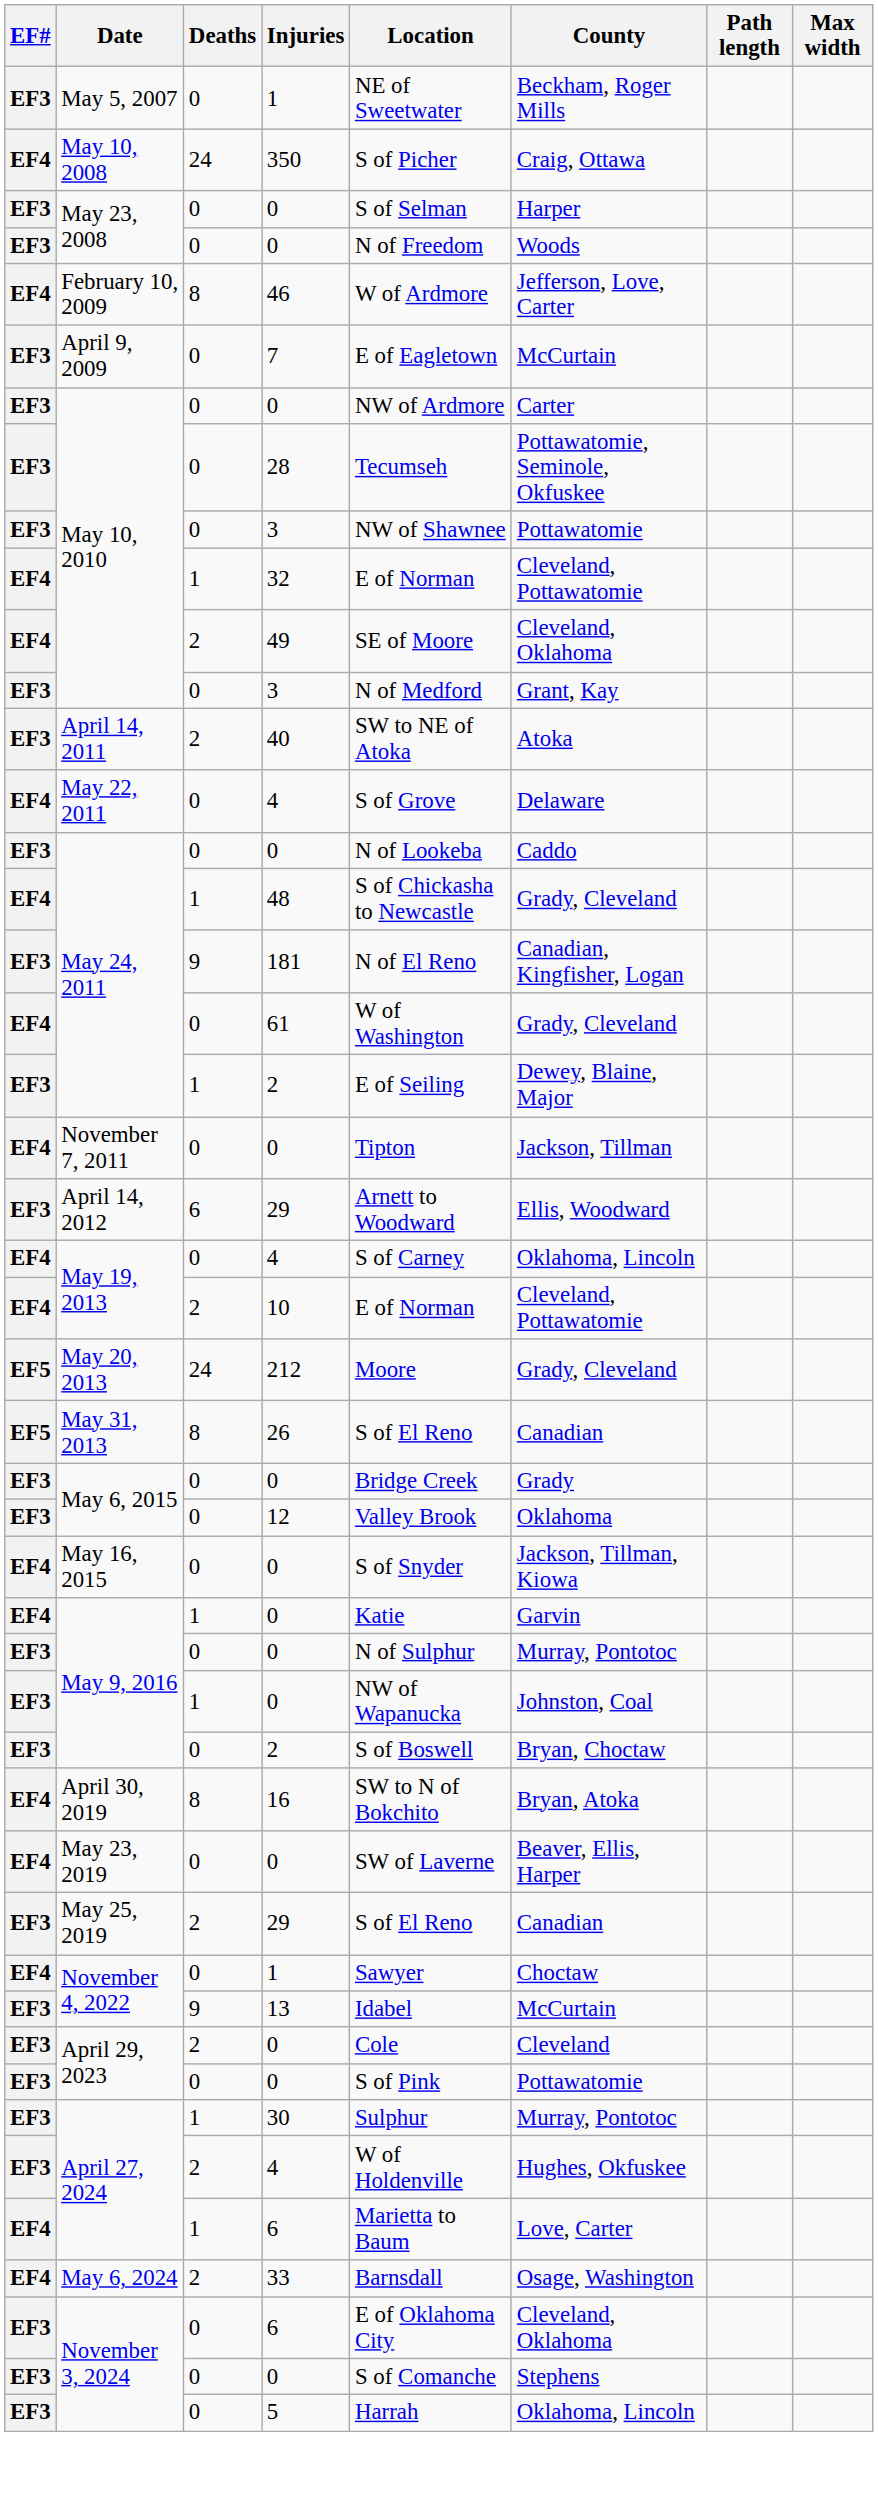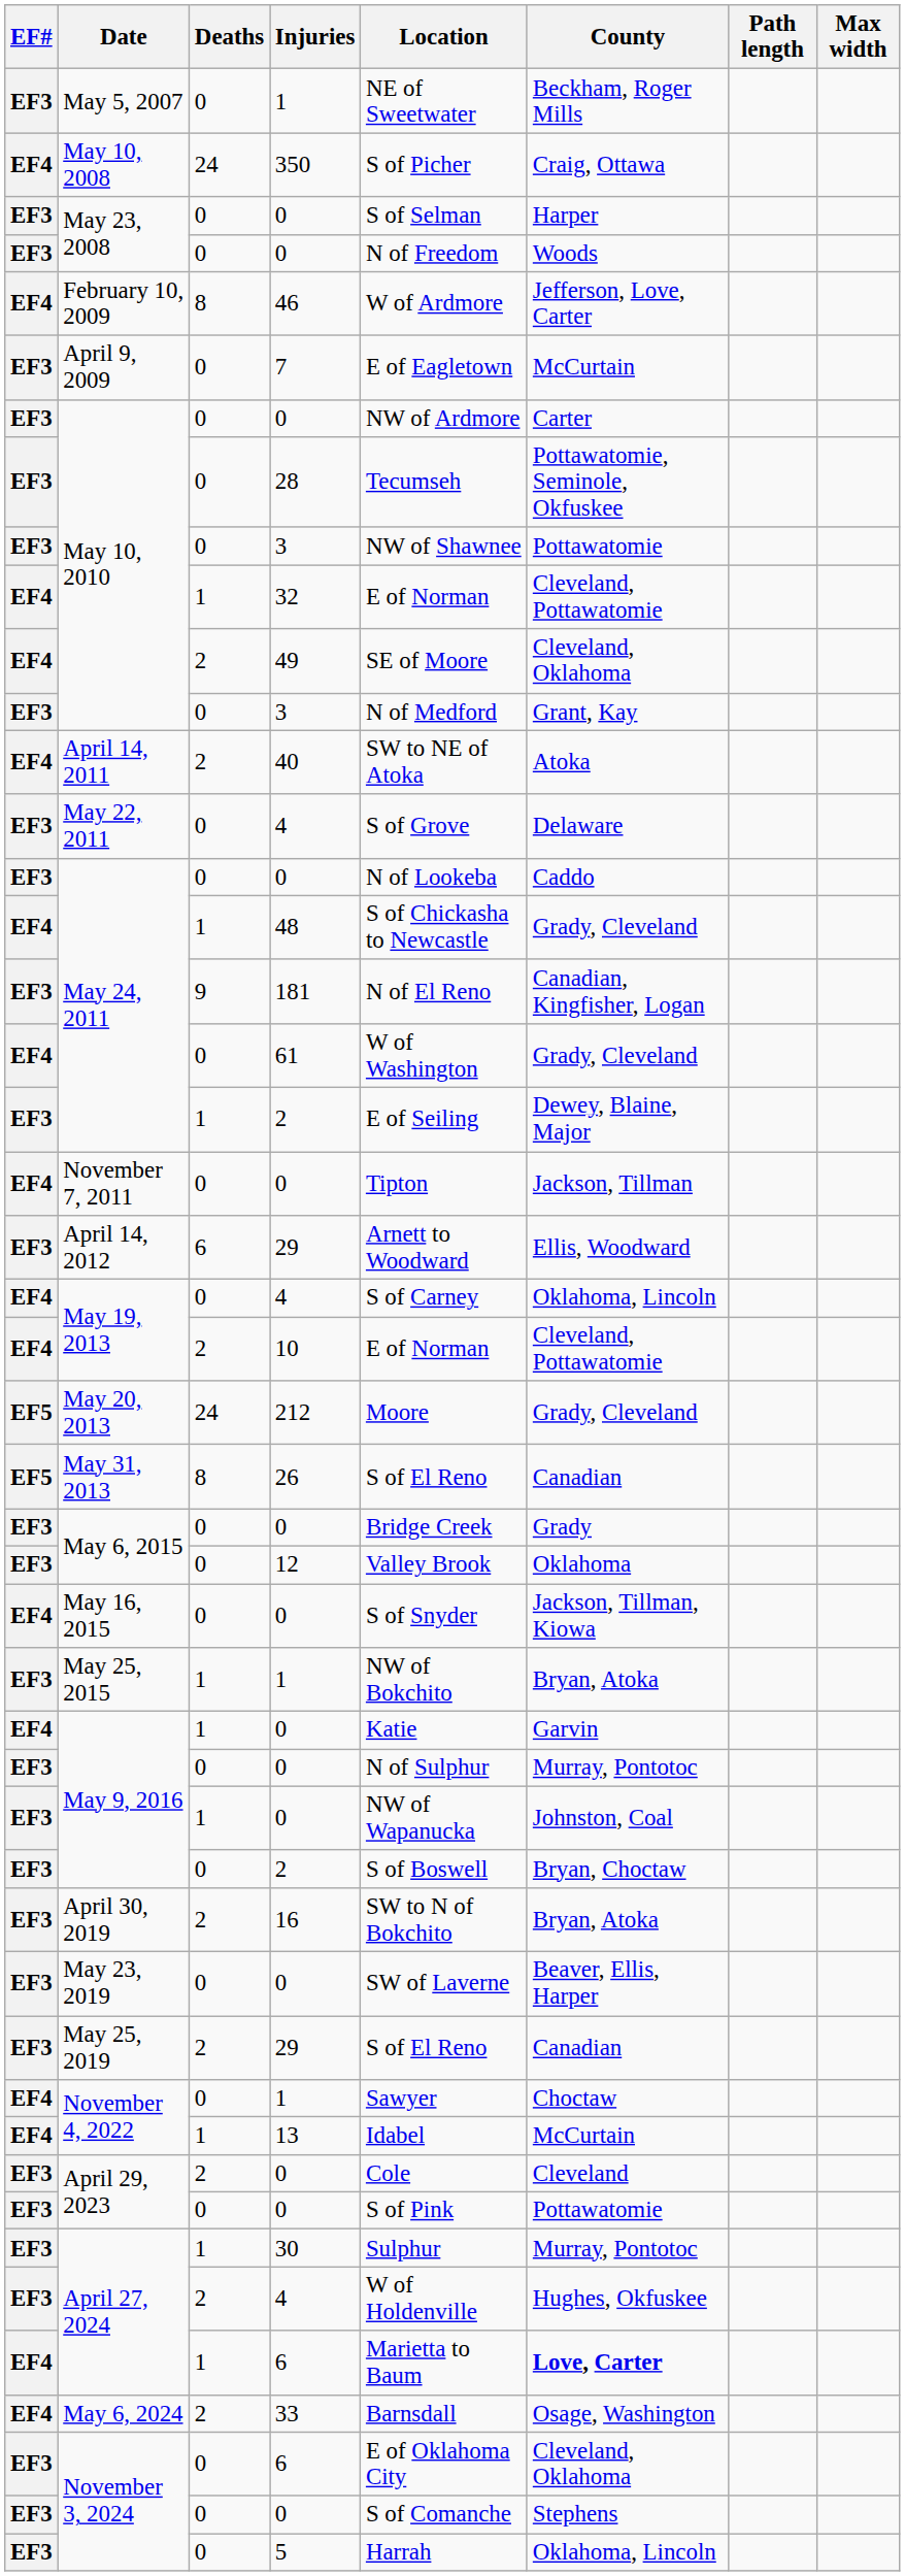 <table class="wikitable sortable">
 <tr>
 <th align="center" width="2%" scope="col"><a href='#'>EF#</a></th>
 <th>Date</th>
 <th>Deaths</th>
 <th>Injuries</th>
 <th class="unsortable" align="center" scope="col">Location</th>
 <th class="unsortable" align="center" scope="col">County</th>
 <th align="center" scope="col">Path length</th>
 <th align="center" scope="col">Max width</th>
 </tr>
 <tr>
 <th scope="row" rowspan="1" style="background-color:#">EF3</th>
 <td>May 5, 2007</td>
 <td>0</td>
 <td>1</td>
 <td>NE of <a href='#'>Sweetwater</a></td>
 <td><a href='#'>Beckham</a>, <a href='#'>Roger Mills</a></td>
 <td></td>
 <td></td>
 </tr>
 <tr>
 <th scope="row" rowspan="1" style="background-color:#">EF4</th>
 <td><a href='#'>May 10, 2008</a></td>
 <td>24</td>
 <td>350</td>
 <td>S of <a href='#'>Picher</a></td>
 <td><a href='#'>Craig</a>, <a href='#'>Ottawa</a></td>
 <td></td>
 <td></td>
 </tr>
 <tr>
 <th scope="row" rowspan="1" style="background-color:#">EF3</th>
 <td rowspan="2">May 23, 2008</td>
 <td>0</td>
 <td>0</td>
 <td>S of <a href='#'>Selman</a></td>
 <td><a href='#'>Harper</a></td>
 <td></td>
 <td></td>
 </tr>
 <tr>
 <th scope="row" rowspan="1" style="background-color:#">EF3</th>
 <td>0</td>
 <td>0</td>
 <td>N of <a href='#'>Freedom</a></td>
 <td><a href='#'>Woods</a></td>
 <td></td>
 <td></td>
 </tr>
 <tr>
 <th scope="row" rowspan="1" style="background-color:#">EF4</th>
 <td>February 10, 2009</td>
 <td>8</td>
 <td>46</td>
 <td>W of <a href='#'>Ardmore</a></td>
 <td><a href='#'>Jefferson</a>, <a href='#'>Love</a>, <a href='#'>Carter</a></td>
 <td></td>
 <td></td>
 </tr>
 <tr>
 <th scope="row" rowspan="1" style="background-color:#">EF3</th>
 <td>April 9, 2009</td>
 <td>0</td>
 <td>7</td>
 <td>E of <a href='#'>Eagletown</a></td>
 <td><a href='#'>McCurtain</a></td>
 <td></td>
 <td></td>
 </tr>
 <tr>
 <th scope="row" rowspan="1" style="background-color:#">EF3</th>
 <td rowspan="6">May 10, 2010</td>
 <td>0</td>
 <td>0</td>
 <td>NW of <a href='#'>Ardmore</a></td>
 <td><a href='#'>Carter</a></td>
 <td></td>
 <td></td>
 </tr>
 <tr>
 <th scope="row" rowspan="1" style="background-color:#">EF3</th>
 <td>0</td>
 <td>28</td>
 <td><a href='#'>Tecumseh</a></td>
 <td><a href='#'>Pottawatomie</a>, <a href='#'>Seminole</a>, <a href='#'>Okfuskee</a></td>
 <td></td>
 <td></td>
 </tr>
 <tr>
 <th scope="row" rowspan="1" style="background-color:#">EF3</th>
 <td>0</td>
 <td>3</td>
 <td>NW of <a href='#'>Shawnee</a></td>
 <td><a href='#'>Pottawatomie</a></td>
 <td></td>
 <td></td>
 </tr>
 <tr>
 <th scope="row" rowspan="1" style="background-color:#">EF4</th>
 <td>1</td>
 <td>32</td>
 <td>E of <a href='#'>Norman</a></td>
 <td><a href='#'>Cleveland</a>, <a href='#'>Pottawatomie</a></td>
 <td></td>
 <td></td>
 </tr>
 <tr>
 <th scope="row" rowspan="1" style="background-color:#">EF4</th>
 <td>2</td>
 <td>49</td>
 <td>SE of <a href='#'>Moore</a></td>
 <td><a href='#'>Cleveland</a>, <a href='#'>Oklahoma</a></td>
 <td></td>
 <td></td>
 </tr>
 <tr>
 <th scope="row" rowspan="1" style="background-color:#">EF3</th>
 <td>0</td>
 <td>3</td>
 <td>N of <a href='#'>Medford</a></td>
 <td><a href='#'>Grant</a>, <a href='#'>Kay</a></td>
 <td></td>
 <td></td>
 </tr>
 <tr>
-<th scope="row" rowspan="1" style="background-color:#">EF3</th>
+<th scope="row" rowspan="1" style="background-color:#">EF4</th>
 <td><a href='#'>April 14, 2011</a></td>
 <td>2</td>
 <td>40</td>
 <td>SW to NE of <a href='#'>Atoka</a></td>
 <td><a href='#'>Atoka</a></td>
 <td></td>
 <td></td>
 </tr>
 <tr>
-<th scope="row" rowspan="1" style="background-color:#">EF4</th>
+<th scope="row" rowspan="1" style="background-color:#">EF3</th>
 <td><a href='#'>May 22, 2011</a></td>
 <td>0</td>
 <td>4</td>
 <td>S of <a href='#'>Grove</a></td>
 <td><a href='#'>Delaware</a></td>
 <td></td>
 <td></td>
 </tr>
 <tr>
 <th scope="row" rowspan="1" style="background-color:#">EF3</th>
 <td rowspan="5"><a href='#'>May 24, 2011</a></td>
 <td>0</td>
 <td>0</td>
 <td>N of <a href='#'>Lookeba</a></td>
 <td><a href='#'>Caddo</a></td>
 <td></td>
 <td></td>
 </tr>
 <tr>
 <th scope="row" rowspan="1" style="background-color:#">EF4</th>
 <td>1</td>
 <td>48</td>
 <td>S of <a href='#'>Chickasha</a> to <a href='#'>Newcastle</a></td>
 <td><a href='#'>Grady</a>, <a href='#'>Cleveland</a></td>
 <td></td>
 <td></td>
 </tr>
 <tr>
 <th scope="row" rowspan="1" style="background-color:#">EF3</th>
 <td>9</td>
 <td>181</td>
 <td>N of <a href='#'>El Reno</a></td>
 <td><a href='#'>Canadian</a>, <a href='#'>Kingfisher</a>, <a href='#'>Logan</a></td>
 <td></td>
 <td></td>
 </tr>
 <tr>
 <th scope="row" rowspan="1" style="background-color:#">EF4</th>
 <td>0</td>
 <td>61</td>
 <td>W of <a href='#'>Washington</a></td>
 <td><a href='#'>Grady</a>, <a href='#'>Cleveland</a></td>
 <td></td>
 <td></td>
 </tr>
 <tr>
 <th scope="row" rowspan="1" style="background-color:#">EF3</th>
 <td>1</td>
 <td>2</td>
 <td>E of <a href='#'>Seiling</a></td>
 <td><a href='#'>Dewey</a>, <a href='#'>Blaine</a>, <a href='#'>Major</a></td>
 <td></td>
 <td></td>
 </tr>
 <tr>
 <th scope="row" rowspan="1" style="background-color:#">EF4</th>
 <td>November 7, 2011</td>
 <td>0</td>
 <td>0</td>
 <td><a href='#'>Tipton</a></td>
 <td><a href='#'>Jackson</a>, <a href='#'>Tillman</a></td>
 <td></td>
 <td></td>
 </tr>
 <tr>
 <th scope="row" rowspan="1" style="background-color:#">EF3</th>
 <td>April 14, 2012</td>
 <td>6</td>
 <td>29</td>
 <td><a href='#'>Arnett</a> to <a href='#'>Woodward</a></td>
 <td><a href='#'>Ellis</a>, <a href='#'>Woodward</a></td>
 <td></td>
 <td></td>
 </tr>
 <tr>
 <th scope="row" rowspan="1" style="background-color:#">EF4</th>
 <td rowspan="2"><a href='#'>May 19, 2013</a></td>
 <td>0</td>
 <td>4</td>
 <td>S of <a href='#'>Carney</a></td>
 <td><a href='#'>Oklahoma</a>, <a href='#'>Lincoln</a></td>
 <td></td>
 <td></td>
 </tr>
 <tr>
 <th scope="row" rowspan="1" style="background-color:#">EF4</th>
 <td>2</td>
 <td>10</td>
 <td>E of <a href='#'>Norman</a></td>
 <td><a href='#'>Cleveland</a>, <a href='#'>Pottawatomie</a></td>
 <td></td>
 <td></td>
 </tr>
 <tr>
 <th scope="row" rowspan="1" style="background-color:#">EF5</th>
 <td><a href='#'>May 20, 2013</a></td>
 <td>24</td>
 <td>212</td>
 <td><a href='#'>Moore</a></td>
 <td><a href='#'>Grady</a>, <a href='#'>Cleveland</a></td>
 <td></td>
 <td></td>
 </tr>
 <tr>
 <th scope="row" rowspan="1" style="background-color:#">EF5</th>
 <td><a href='#'>May 31, 2013</a></td>
 <td>8</td>
 <td>26</td>
 <td>S of <a href='#'>El Reno</a></td>
 <td><a href='#'>Canadian</a></td>
 <td></td>
 <td></td>
 </tr>
 <tr>
 <th scope="row" rowspan="1" style="background-color:#">EF3</th>
 <td rowspan="2">May 6, 2015</td>
 <td>0</td>
 <td>0</td>
 <td><a href='#'>Bridge Creek</a></td>
 <td><a href='#'>Grady</a></td>
 <td></td>
 <td></td>
 </tr>
 <tr>
 <th scope="row" rowspan="1" style="background-color:#">EF3</th>
 <td>0</td>
 <td>12</td>
 <td><a href='#'>Valley Brook</a></td>
 <td><a href='#'>Oklahoma</a></td>
 <td></td>
 <td></td>
 </tr>
 <tr>
 <th scope="row" rowspan="1" style="background-color:#">EF4</th>
 <td>May 16, 2015</td>
 <td>0</td>
 <td>0</td>
 <td>S of <a href='#'>Snyder</a></td>
 <td><a href='#'>Jackson</a>, <a href='#'>Tillman</a>, <a href='#'>Kiowa</a></td>
 <td></td>
 <td></td>
 </tr>
 <tr>
+<th scope="row" rowspan="1" style="background-color:#">EF3</th>
+<td>May 25, 2015</td>
+<td>1</td>
+<td>1</td>
+<td>NW of <a href='#'>Bokchito</a></td>
+<td><a href='#'>Bryan</a>, <a href='#'>Atoka</a></td>
+<td></td>
+<td></td>
+</tr>
+<tr>
 <th scope="row" rowspan="1" style="background-color:#">EF4</th>
 <td rowspan="4"><a href='#'>May 9, 2016</a></td>
 <td>1</td>
 <td>0</td>
 <td><a href='#'>Katie</a></td>
 <td><a href='#'>Garvin</a></td>
 <td></td>
 <td></td>
 </tr>
 <tr>
 <th scope="row" rowspan="1" style="background-color:#">EF3</th>
 <td>0</td>
 <td>0</td>
 <td>N of <a href='#'>Sulphur</a></td>
 <td><a href='#'>Murray</a>, <a href='#'>Pontotoc</a></td>
 <td></td>
 <td></td>
 </tr>
 <tr>
 <th scope="row" rowspan="1" style="background-color:#">EF3</th>
 <td>1</td>
 <td>0</td>
 <td>NW of <a href='#'>Wapanucka</a></td>
 <td><a href='#'>Johnston</a>, <a href='#'>Coal</a></td>
 <td></td>
 <td></td>
 </tr>
 <tr>
 <th scope="row" rowspan="1" style="background-color:#">EF3</th>
 <td>0</td>
 <td>2</td>
 <td>S of <a href='#'>Boswell</a></td>
 <td><a href='#'>Bryan</a>, <a href='#'>Choctaw</a></td>
 <td></td>
 <td></td>
 </tr>
 <tr>
-<th scope="row" rowspan="1" style="background-color:#">EF4</th>
+<th scope="row" rowspan="1" style="background-color:#">EF3</th>
 <td>April 30, 2019</td>
-<td>8</td>
+<td>2</td>
 <td>16</td>
 <td>SW to N of <a href='#'>Bokchito</a></td>
 <td><a href='#'>Bryan</a>, <a href='#'>Atoka</a></td>
 <td></td>
 <td></td>
 </tr>
 <tr>
-<th scope="row" rowspan="1" style="background-color:#">EF4</th>
+<th scope="row" rowspan="1" style="background-color:#">EF3</th>
 <td>May 23, 2019</td>
 <td>0</td>
 <td>0</td>
 <td>SW of <a href='#'>Laverne</a></td>
 <td><a href='#'>Beaver</a>, <a href='#'>Ellis</a>, <a href='#'>Harper</a></td>
 <td></td>
 <td></td>
 </tr>
 <tr>
 <th scope="row" rowspan="1" style="background-color:#">EF3</th>
 <td>May 25, 2019</td>
 <td>2</td>
 <td>29</td>
 <td>S of <a href='#'>El Reno</a></td>
 <td><a href='#'>Canadian</a></td>
 <td></td>
 <td></td>
 </tr>
 <tr>
 <th scope="row" rowspan="1" style="background-color:#">EF4</th>
 <td rowspan="2"><a href='#'>November 4, 2022</a></td>
 <td>0</td>
 <td>1</td>
 <td><a href='#'>Sawyer</a></td>
 <td><a href='#'>Choctaw</a></td>
 <td></td>
 <td></td>
 </tr>
 <tr>
-<th scope="row" rowspan="1" style="background-color:#">EF3</th>
-<td>9</td>
+<th scope="row" rowspan="1" style="background-color:#">EF4</th>
+<td>1</td>
 <td>13</td>
 <td><a href='#'>Idabel</a></td>
 <td><a href='#'>McCurtain</a></td>
 <td></td>
 <td></td>
 </tr>
 <tr>
 <th scope="row" rowspan="1" style="background-color:#">EF3</th>
 <td rowspan="2">April 29, 2023</td>
 <td>2</td>
 <td>0</td>
 <td><a href='#'>Cole</a></td>
 <td><a href='#'>Cleveland</a></td>
 <td></td>
 <td></td>
 </tr>
 <tr>
 <th scope="row" rowspan="1" style="background-color:#">EF3</th>
 <td>0</td>
 <td>0</td>
 <td>S of <a href='#'>Pink</a></td>
 <td><a href='#'>Pottawatomie</a></td>
 <td></td>
 <td></td>
 </tr>
 <tr>
 <th scope="row" rowspan="1" style="background-color:#">EF3</th>
 <td rowspan="3"><a href='#'>April 27, 2024</a></td>
 <td>1</td>
 <td>30</td>
 <td><a href='#'>Sulphur</a></td>
 <td><a href='#'>Murray</a>, <a href='#'>Pontotoc</a></td>
 <td></td>
 <td></td>
 </tr>
 <tr>
 <th scope="row" rowspan="1" style="background-color:#">EF3</th>
 <td>2</td>
 <td>4</td>
 <td>W of <a href='#'>Holdenville</a></td>
 <td><a href='#'>Hughes</a>, <a href='#'>Okfuskee</a></td>
 <td></td>
 <td></td>
 </tr>
 <tr>
 <th scope="row" rowspan="1" style="background-color:#">EF4</th>
 <td>1</td>
 <td>6</td>
 <td><a href='#'>Marietta</a> to <a href='#'>Baum</a></td>
-<td><a href='#'>Love</a>, <a href='#'>Carter</a></td>
+<td><strong><a href='#'>Love</a>, <a href='#'>Carter</a></strong></td>
 <td></td>
 <td></td>
 </tr>
 <tr>
 <th scope="row" rowspan="1" style="background-color:#">EF4</th>
 <td><a href='#'>May 6, 2024</a></td>
 <td>2</td>
 <td>33</td>
 <td><a href='#'>Barnsdall</a></td>
 <td><a href='#'>Osage</a>, <a href='#'>Washington</a></td>
 <td></td>
 <td></td>
 </tr>
 <tr>
 <th scope="row" rowspan="1" style="background-color:#">EF3</th>
 <td rowspan="3"><a href='#'>November 3, 2024</a></td>
 <td>0</td>
 <td>6</td>
 <td>E of <a href='#'>Oklahoma City</a></td>
 <td><a href='#'>Cleveland</a>, <a href='#'>Oklahoma</a></td>
 <td></td>
 <td></td>
 </tr>
 <tr>
 <th scope="row" rowspan="1" style="background-color:#">EF3</th>
 <td>0</td>
 <td>0</td>
 <td>S of <a href='#'>Comanche</a></td>
 <td><a href='#'>Stephens</a></td>
 <td></td>
 <td></td>
 </tr>
 <tr>
 <th scope="row" rowspan="1" style="background-color:#">EF3</th>
 <td>0</td>
 <td>5</td>
 <td><a href='#'>Harrah</a></td>
 <td><a href='#'>Oklahoma</a>, <a href='#'>Lincoln</a></td>
 <td></td>
 <td></td>
 </tr>
 </table>
